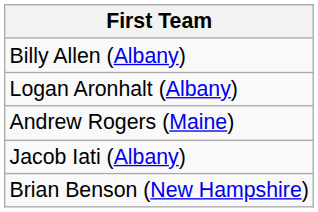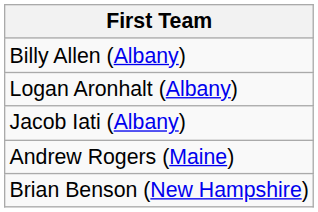 <table class="wikitable">
 <tr>
 <th>First Team</th>
 </tr>
 <tr>
 <td>Billy Allen (<a href='#'>Albany</a>)</td>
 </tr>
 <tr>
 <td>Logan Aronhalt (<a href='#'>Albany</a>)</td>
 </tr>
 <tr>
-<td>Andrew Rogers (<a href='#'>Maine</a>)</td>
+<td>Jacob Iati (<a href='#'>Albany</a>)</td>
 </tr>
 <tr>
-<td>Jacob Iati (<a href='#'>Albany</a>)</td>
+<td>Andrew Rogers (<a href='#'>Maine</a>)</td>
 </tr>
 <tr>
 <td>Brian Benson (<a href='#'>New Hampshire</a>)</td>
 </tr>
 </table>
